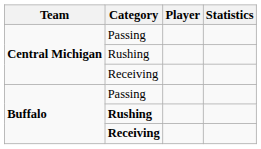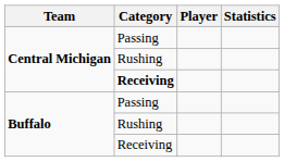 <table class="wikitable" style="float: left;">
 <tr>
 <th>Team</th>
 <th>Category</th>
 <th>Player</th>
 <th>Statistics</th>
 </tr>
 <tr>
 <td rowspan=3><strong>Central Michigan</strong></td>
 <td>Passing</td>
 <td></td>
 <td></td>
 </tr>
 <tr>
 <td>Rushing</td>
 <td></td>
 <td></td>
 </tr>
 <tr>
-<td>Receiving</td>
+<td><strong>Receiving</strong></td>
 <td></td>
 <td></td>
 </tr>
 <tr>
 <td rowspan=3><strong>Buffalo</strong></td>
 <td>Passing</td>
 <td></td>
 <td></td>
 </tr>
 <tr>
-<td><strong>Rushing</strong></td>
+<td>Rushing</td>
 <td></td>
 <td></td>
 </tr>
 <tr>
-<td><strong>Receiving</strong></td>
+<td>Receiving</td>
 <td></td>
 <td></td>
 </tr>
 </table>
